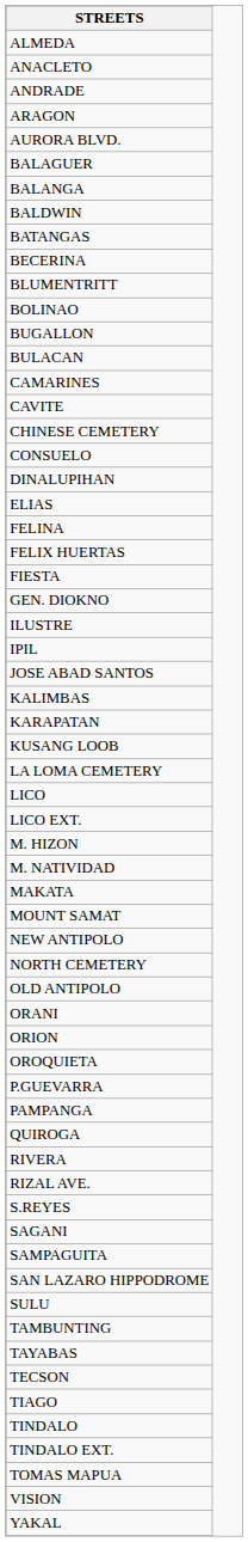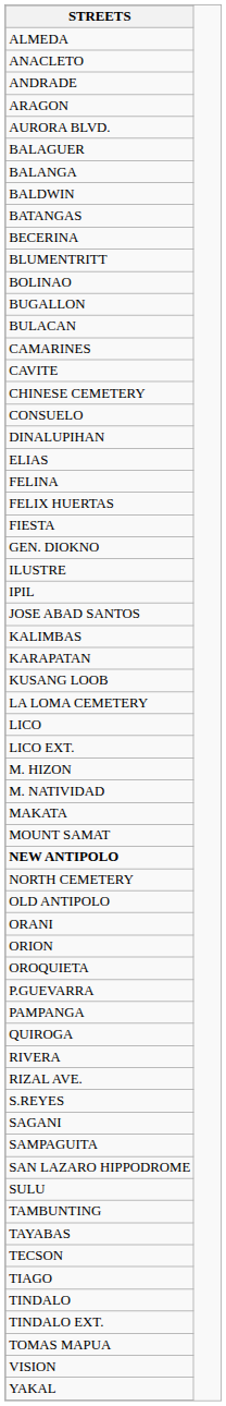 <table class="wikitable sortable mw-collapsible" style="margin:auto; width:250px; font-size:100%; text-align:left; display:inline-block;">
 <tr>
 <th>STREETS</th>
 </tr>
 <tr>
 <td>ALMEDA</td>
 </tr>
 <tr>
 <td>ANACLETO</td>
 </tr>
 <tr>
 <td>ANDRADE</td>
 </tr>
 <tr>
 <td>ARAGON</td>
 </tr>
 <tr>
 <td>AURORA BLVD.</td>
 </tr>
 <tr>
 <td>BALAGUER</td>
 </tr>
 <tr>
 <td>BALANGA</td>
 </tr>
 <tr>
 <td>BALDWIN</td>
 </tr>
 <tr>
 <td>BATANGAS</td>
 </tr>
 <tr>
 <td>BECERINA</td>
 </tr>
 <tr>
 <td>BLUMENTRITT</td>
 </tr>
 <tr>
 <td>BOLINAO</td>
 </tr>
 <tr>
 <td>BUGALLON</td>
 </tr>
 <tr>
 <td>BULACAN</td>
 </tr>
 <tr>
 <td>CAMARINES</td>
 </tr>
 <tr>
 <td>CAVITE</td>
 </tr>
 <tr>
 <td>CHINESE CEMETERY</td>
 </tr>
 <tr>
 <td>CONSUELO</td>
 </tr>
 <tr>
 <td>DINALUPIHAN</td>
 </tr>
 <tr>
 <td>ELIAS</td>
 </tr>
 <tr>
 <td>FELINA</td>
 </tr>
 <tr>
 <td>FELIX HUERTAS</td>
 </tr>
 <tr>
 <td>FIESTA</td>
 </tr>
 <tr>
 <td>GEN. DIOKNO</td>
 </tr>
 <tr>
 <td>ILUSTRE</td>
 </tr>
 <tr>
 <td>IPIL</td>
 </tr>
 <tr>
 <td>JOSE ABAD SANTOS</td>
 </tr>
 <tr>
 <td>KALIMBAS</td>
 </tr>
 <tr>
 <td>KARAPATAN</td>
 </tr>
 <tr>
 <td>KUSANG LOOB</td>
 </tr>
 <tr>
 <td>LA LOMA CEMETERY</td>
 </tr>
 <tr>
 <td>LICO</td>
 </tr>
 <tr>
 <td>LICO EXT.</td>
 </tr>
 <tr>
 <td>M. HIZON</td>
 </tr>
 <tr>
 <td>M. NATIVIDAD</td>
 </tr>
 <tr>
 <td>MAKATA</td>
 </tr>
 <tr>
 <td>MOUNT SAMAT</td>
 </tr>
 <tr>
-<td>NEW ANTIPOLO</td>
+<td><strong>NEW ANTIPOLO</strong></td>
 </tr>
 <tr>
 <td>NORTH CEMETERY</td>
 </tr>
 <tr>
 <td>OLD ANTIPOLO</td>
 </tr>
 <tr>
 <td>ORANI</td>
 </tr>
 <tr>
 <td>ORION</td>
 </tr>
 <tr>
 <td>OROQUIETA</td>
 </tr>
 <tr>
 <td>P.GUEVARRA</td>
 </tr>
 <tr>
 <td>PAMPANGA</td>
 </tr>
 <tr>
 <td>QUIROGA</td>
 </tr>
 <tr>
 <td>RIVERA</td>
 </tr>
 <tr>
 <td>RIZAL AVE.</td>
 </tr>
 <tr>
 <td>S.REYES</td>
 </tr>
 <tr>
 <td>SAGANI</td>
 </tr>
 <tr>
 <td>SAMPAGUITA</td>
 </tr>
 <tr>
 <td>SAN LAZARO HIPPODROME</td>
 </tr>
 <tr>
 <td>SULU</td>
 </tr>
 <tr>
 <td>TAMBUNTING</td>
 </tr>
 <tr>
 <td>TAYABAS</td>
 </tr>
 <tr>
 <td>TECSON</td>
 </tr>
 <tr>
 <td>TIAGO</td>
 </tr>
 <tr>
 <td>TINDALO</td>
 </tr>
 <tr>
 <td>TINDALO EXT.</td>
 </tr>
 <tr>
 <td>TOMAS MAPUA</td>
 </tr>
 <tr>
 <td>VISION</td>
 </tr>
 <tr>
 <td>YAKAL</td>
 </tr>
 </table>
